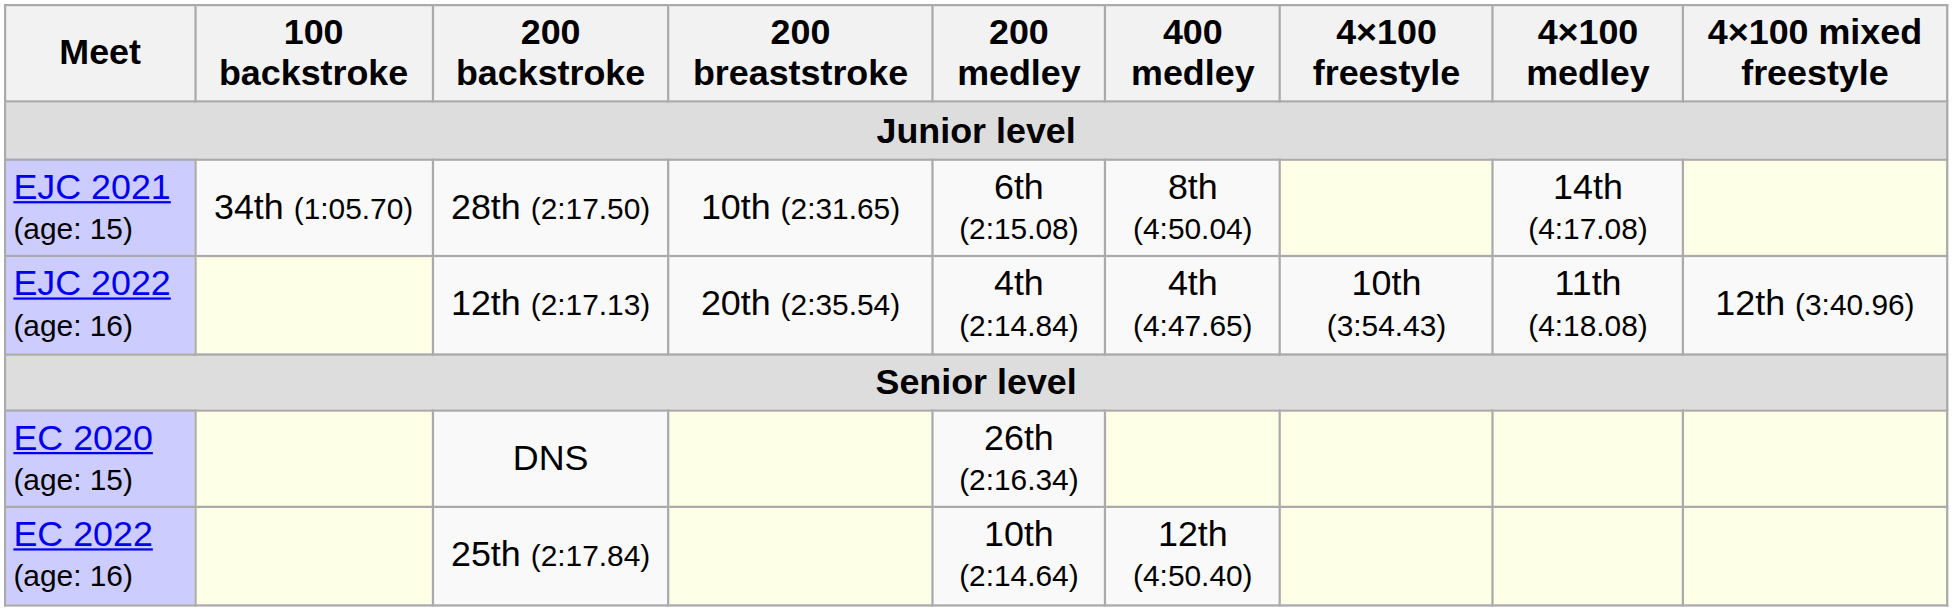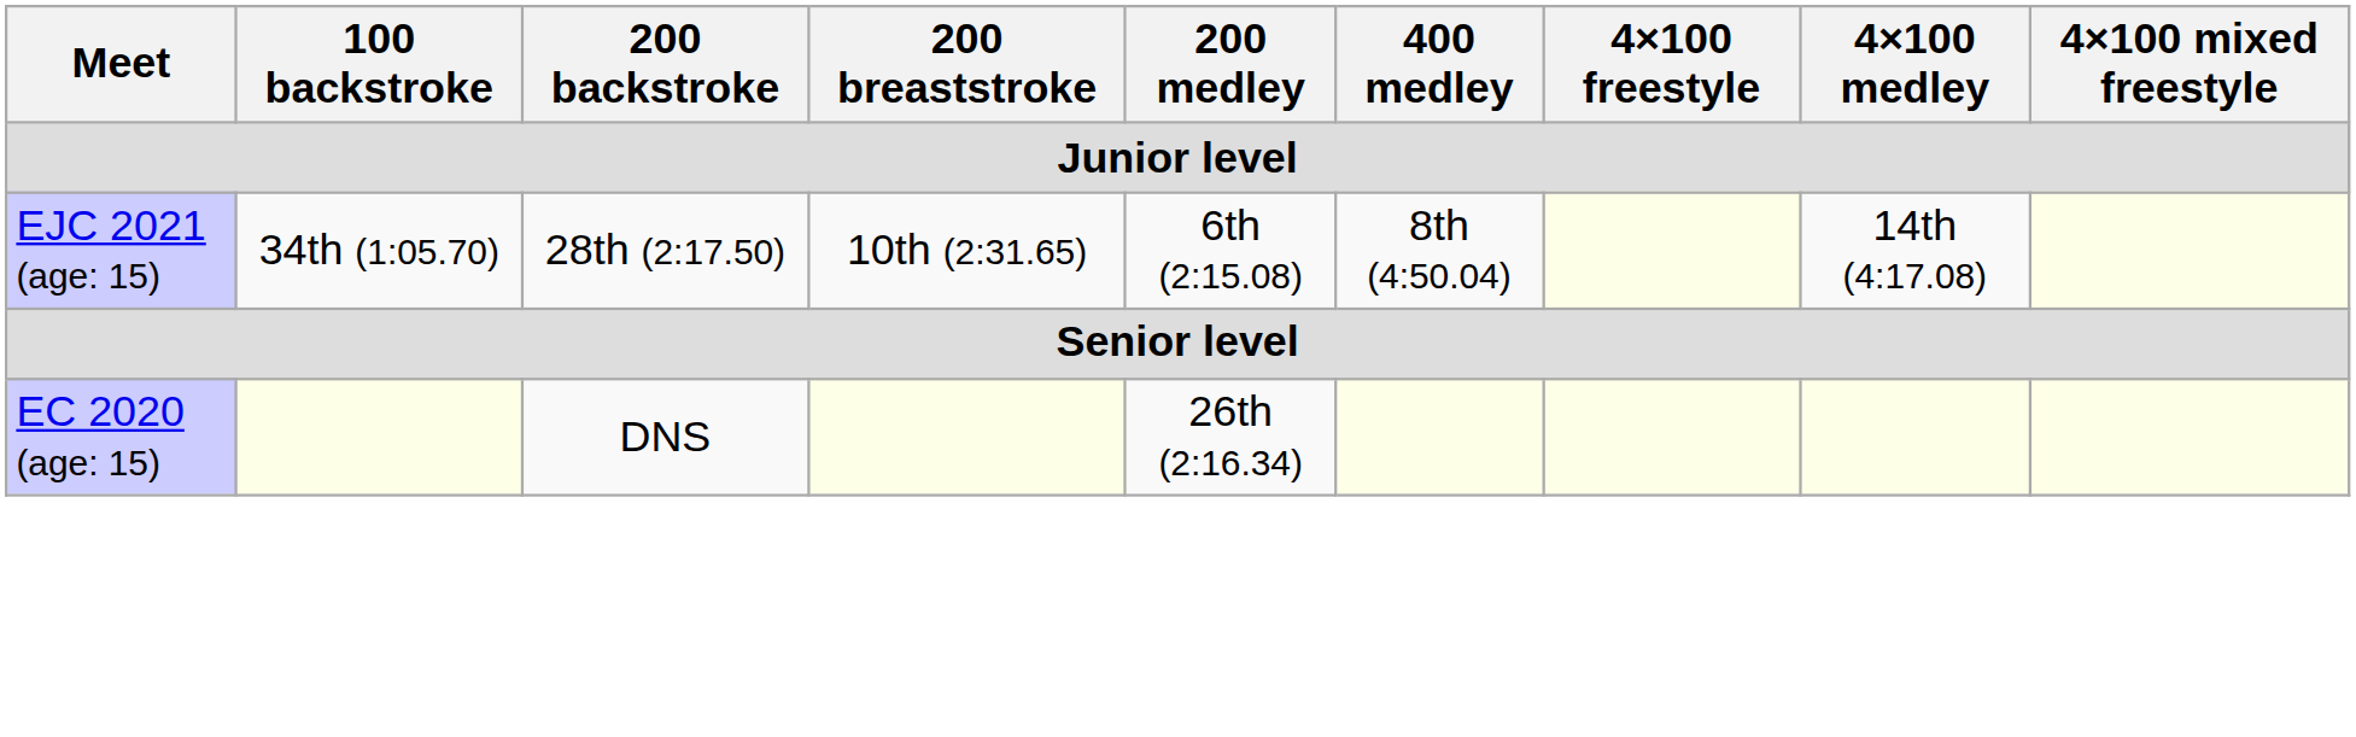 <table class="sortable wikitable">
 <tr>
 <th>Meet</th>
 <th class="unsortable">100 backstroke</th>
 <th class="unsortable">200 backstroke</th>
 <th class="unsortable">200 breaststroke</th>
 <th class="unsortable">200 medley</th>
 <th class="unsortable">400 medley</th>
 <th class="unsortable">4×100 freestyle</th>
 <th class="unsortable">4×100 medley</th>
 <th class="unsortable">4×100 mixed freestyle</th>
 </tr>
 <tr bgcolor="#DDDDDD">
 <td colspan="9" align="center"><strong>Junior level</strong></td>
 </tr>
 <tr>
 <td style="background:#ccccff"><a href='#'>EJC 2021</a> <small>(age: 15)</small></td>
 <td align="center">34th <small>(1:05.70)</small></td>
 <td align="center">28th <small>(2:17.50)</small></td>
 <td align="center">10th <small>(2:31.65)</small></td>
 <td align="center">6th <small>(2:15.08)</small></td>
 <td align="center">8th <small>(4:50.04)</small></td>
 <td style="background:#fdffe7"></td>
 <td align="center">14th <small>(4:17.08)</small></td>
 <td style="background:#fdffe7"></td>
 </tr>
-<tr>
-<td style="background:#ccccff"><a href='#'>EJC 2022</a> <small>(age: 16)</small></td>
-<td style="background:#fdffe7"></td>
-<td align="center">12th <small>(2:17.13)</small></td>
-<td align="center">20th <small>(2:35.54)</small></td>
-<td align="center">4th <small>(2:14.84)</small></td>
-<td align="center">4th <small>(4:47.65)</small></td>
-<td align="center">10th <small>(3:54.43)</small></td>
-<td align="center">11th <small>(4:18.08)</small></td>
-<td align="center">12th <small>(3:40.96)</small></td>
-</tr>
 <tr bgcolor="#DDDDDD">
 <td colspan="9" align="center"><strong>Senior level</strong></td>
 </tr>
 <tr>
 <td style="background:#ccccff"><a href='#'>EC 2020</a> <small>(age: 15)</small></td>
 <td style="background:#fdffe7"></td>
 <td align="center">DNS</td>
 <td style="background:#fdffe7"></td>
 <td align="center">26th <small>(2:16.34)</small></td>
 <td style="background:#fdffe7"></td>
 <td style="background:#fdffe7"></td>
 <td style="background:#fdffe7"></td>
 <td style="background:#fdffe7"></td>
 </tr>
-<tr>
-<td style="background:#ccccff"><a href='#'>EC 2022</a> <small>(age: 16)</small></td>
-<td style="background:#fdffe7"></td>
-<td align="center">25th <small>(2:17.84)</small></td>
-<td style="background:#fdffe7"></td>
-<td align="center">10th <small>(2:14.64)</small></td>
-<td align="center">12th <small>(4:50.40)</small></td>
-<td style="background:#fdffe7"></td>
-<td style="background:#fdffe7"></td>
-<td style="background:#fdffe7"></td>
-</tr>
 </table>
